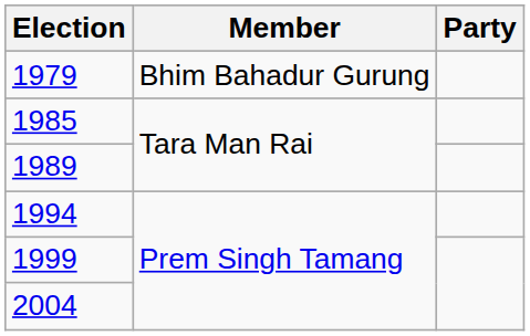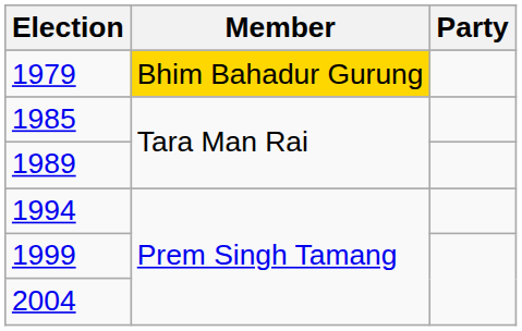 <table class="wikitable sortable">
 <tr>
 <th>Election</th>
 <th>Member</th>
 <th colspan=2>Party</th>
 </tr>
 <tr>
 <td><a href='#'>1979</a></td>
-<td>Bhim Bahadur Gurung</td>
+<td style="background: gold;">Bhim Bahadur Gurung</td>
 <td></td>
 </tr>
 <tr>
 <td><a href='#'>1985</a></td>
 <td rowspan=2>Tara Man Rai</td>
 <td></td>
 </tr>
 <tr>
 <td><a href='#'>1989</a></td>
 </tr>
 <tr>
 <td><a href='#'>1994</a></td>
 <td rowspan=3><a href='#'>Prem Singh Tamang</a></td>
 <td></td>
 </tr>
 <tr>
 <td><a href='#'>1999</a></td>
 </tr>
 <tr>
 <td><a href='#'>2004</a></td>
 </tr>
 </table>
